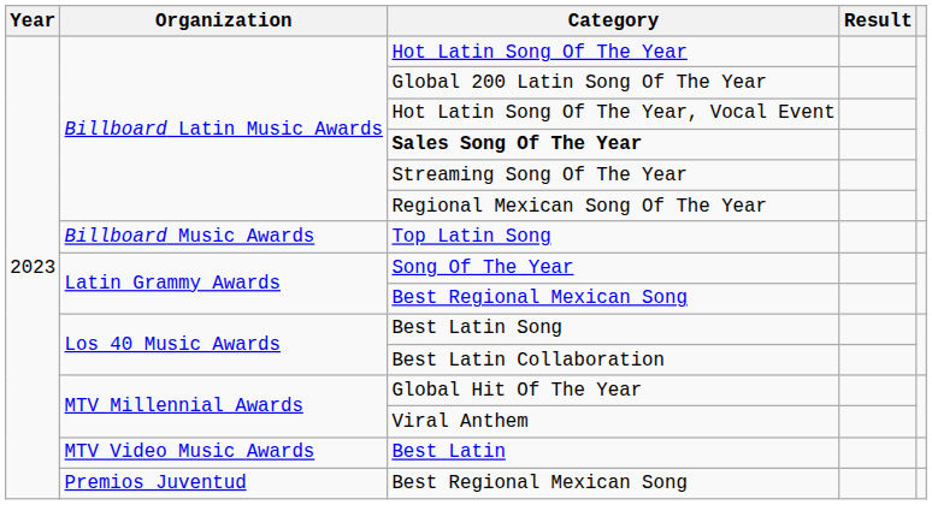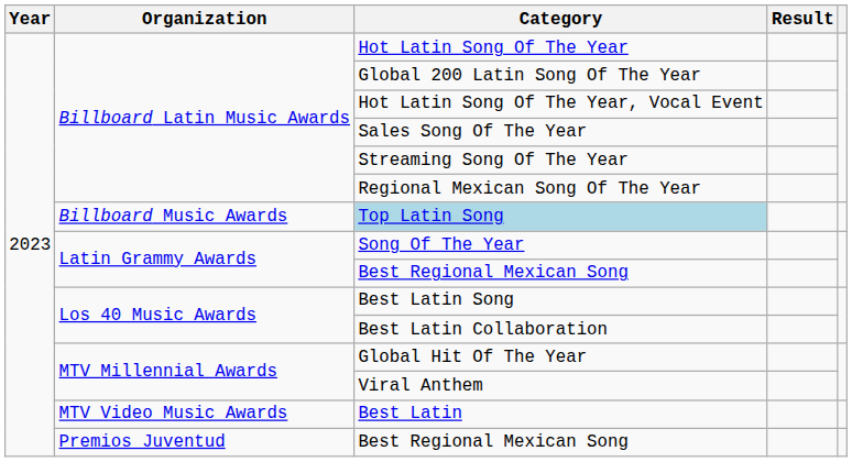 <table class="wikitable sortable plainrowheaders" style="border:none; margin:0;">
 <tr>
 <th scope="col">Year</th>
 <th scope="col">Organization</th>
 <th scope="col">Category</th>
 <th scope="col">Result</th>
 <th class="unsortable" scope="col"></th>
 </tr>
 <tr>
 <td rowspan="15">2023</td>
 <td rowspan="6"><a href='#'><em>Billboard</em> Latin Music Awards</a></td>
 <td><a href='#'>Hot Latin Song Of The Year</a></td>
 <td></td>
 <td rowspan="6"></td>
 </tr>
 <tr>
 <td>Global 200 Latin Song Of The Year</td>
 <td></td>
 </tr>
 <tr>
 <td>Hot Latin Song Of The Year, Vocal Event</td>
 <td></td>
 </tr>
 <tr>
-<td><strong>Sales Song Of The Year</strong></td>
+<td>Sales Song Of The Year</td>
 <td></td>
 </tr>
 <tr>
 <td>Streaming Song Of The Year</td>
 <td></td>
 </tr>
 <tr>
 <td>Regional Mexican Song Of The Year</td>
 <td></td>
 </tr>
 <tr>
 <td><a href='#'><em>Billboard</em> Music Awards</a></td>
-<td><a href='#'>Top Latin Song</a></td>
+<td style="background: lightblue;"><a href='#'>Top Latin Song</a></td>
 <td></td>
 <td></td>
 </tr>
 <tr>
 <td rowspan="2"><a href='#'>Latin Grammy Awards</a></td>
 <td><a href='#'>Song Of The Year</a></td>
 <td></td>
 <td rowspan="2"></td>
 </tr>
 <tr>
 <td><a href='#'>Best Regional Mexican Song</a></td>
 <td></td>
 </tr>
 <tr>
 <td rowspan="2"><a href='#'>Los 40 Music Awards</a></td>
 <td>Best Latin Song</td>
 <td></td>
 <td rowspan="2"></td>
 </tr>
 <tr>
 <td>Best Latin Collaboration</td>
 <td></td>
 </tr>
 <tr>
 <td rowspan="2"><a href='#'>MTV Millennial Awards</a></td>
 <td>Global Hit Of The Year</td>
 <td></td>
 <td rowspan="2"></td>
 </tr>
 <tr>
 <td>Viral Anthem</td>
 <td></td>
 </tr>
 <tr>
 <td scope="row"><a href='#'>MTV Video Music Awards</a></td>
 <td><a href='#'>Best Latin</a></td>
 <td></td>
 <td></td>
 </tr>
 <tr>
 <td><a href='#'>Premios Juventud</a></td>
 <td>Best Regional Mexican Song</td>
 <td></td>
 <td></td>
 </tr>
 </table>
